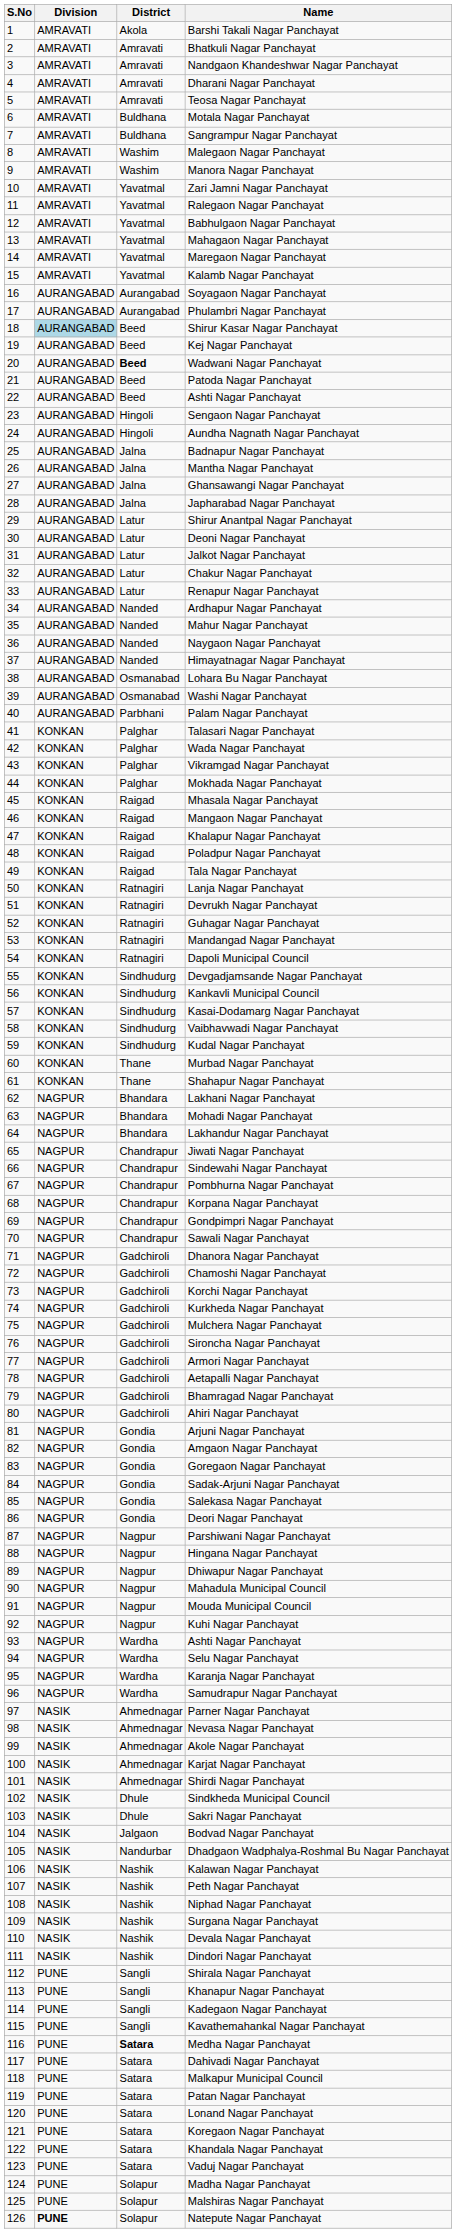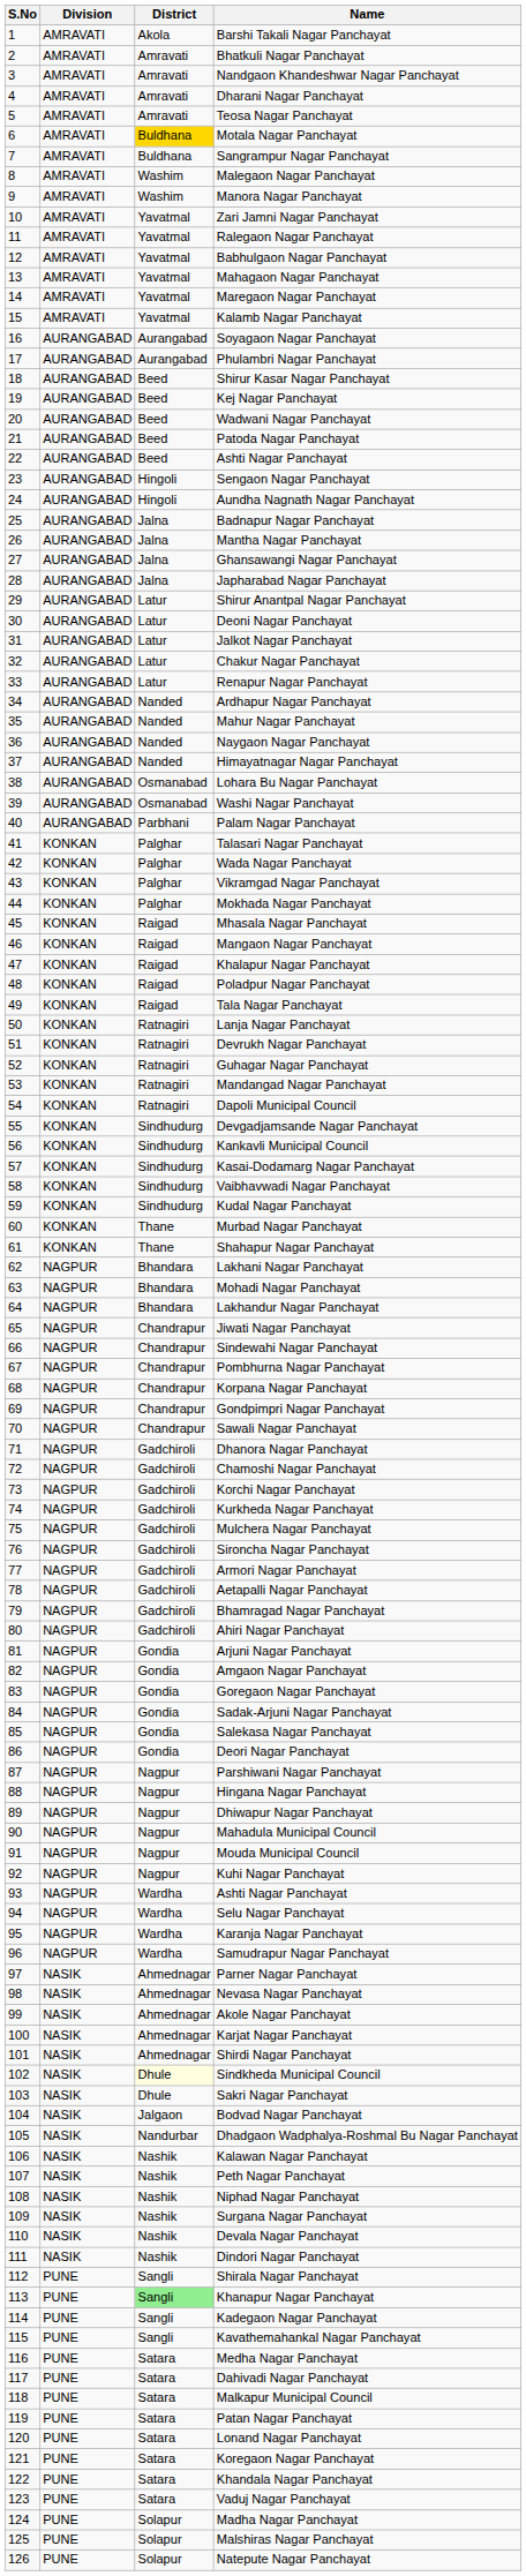 <table class="wikitable">
 <tr>
 <th>S.No</th>
 <th>Division</th>
 <th>District</th>
 <th>Name</th>
 </tr>
 <tr>
 <td>1</td>
 <td>AMRAVATI</td>
 <td>Akola</td>
 <td>Barshi Takali Nagar Panchayat</td>
 </tr>
 <tr>
 <td>2</td>
 <td>AMRAVATI</td>
 <td>Amravati</td>
 <td>Bhatkuli Nagar Panchayat</td>
 </tr>
 <tr>
 <td>3</td>
 <td>AMRAVATI</td>
 <td>Amravati</td>
 <td>Nandgaon Khandeshwar Nagar Panchayat</td>
 </tr>
 <tr>
 <td>4</td>
 <td>AMRAVATI</td>
 <td>Amravati</td>
 <td>Dharani Nagar Panchayat</td>
 </tr>
 <tr>
 <td>5</td>
 <td>AMRAVATI</td>
 <td>Amravati</td>
 <td>Teosa Nagar Panchayat</td>
 </tr>
 <tr>
 <td>6</td>
 <td>AMRAVATI</td>
-<td>Buldhana</td>
+<td style="background: gold;">Buldhana</td>
 <td>Motala Nagar Panchayat</td>
 </tr>
 <tr>
 <td>7</td>
 <td>AMRAVATI</td>
 <td>Buldhana</td>
 <td>Sangrampur Nagar Panchayat</td>
 </tr>
 <tr>
 <td>8</td>
 <td>AMRAVATI</td>
 <td>Washim</td>
 <td>Malegaon Nagar Panchayat</td>
 </tr>
 <tr>
 <td>9</td>
 <td>AMRAVATI</td>
 <td>Washim</td>
 <td>Manora Nagar Panchayat</td>
 </tr>
 <tr>
 <td>10</td>
 <td>AMRAVATI</td>
 <td>Yavatmal</td>
 <td>Zari Jamni Nagar Panchayat</td>
 </tr>
 <tr>
 <td>11</td>
 <td>AMRAVATI</td>
 <td>Yavatmal</td>
 <td>Ralegaon Nagar Panchayat</td>
 </tr>
 <tr>
 <td>12</td>
 <td>AMRAVATI</td>
 <td>Yavatmal</td>
 <td>Babhulgaon Nagar Panchayat</td>
 </tr>
 <tr>
 <td>13</td>
 <td>AMRAVATI</td>
 <td>Yavatmal</td>
 <td>Mahagaon Nagar Panchayat</td>
 </tr>
 <tr>
 <td>14</td>
 <td>AMRAVATI</td>
 <td>Yavatmal</td>
 <td>Maregaon Nagar Panchayat</td>
 </tr>
 <tr>
 <td>15</td>
 <td>AMRAVATI</td>
 <td>Yavatmal</td>
 <td>Kalamb Nagar Panchayat</td>
 </tr>
 <tr>
 <td>16</td>
 <td>AURANGABAD</td>
 <td>Aurangabad</td>
 <td>Soyagaon Nagar Panchayat</td>
 </tr>
 <tr>
 <td>17</td>
 <td>AURANGABAD</td>
 <td>Aurangabad</td>
 <td>Phulambri Nagar Panchayat</td>
 </tr>
 <tr>
 <td>18</td>
-<td style="background: lightblue;">AURANGABAD</td>
+<td>AURANGABAD</td>
 <td>Beed</td>
 <td>Shirur Kasar Nagar Panchayat</td>
 </tr>
 <tr>
 <td>19</td>
 <td>AURANGABAD</td>
 <td>Beed</td>
 <td>Kej Nagar Panchayat</td>
 </tr>
 <tr>
 <td>20</td>
 <td>AURANGABAD</td>
-<td><strong>Beed</strong></td>
+<td>Beed</td>
 <td>Wadwani Nagar Panchayat</td>
 </tr>
 <tr>
 <td>21</td>
 <td>AURANGABAD</td>
 <td>Beed</td>
 <td>Patoda Nagar Panchayat</td>
 </tr>
 <tr>
 <td>22</td>
 <td>AURANGABAD</td>
 <td>Beed</td>
 <td>Ashti Nagar Panchayat</td>
 </tr>
 <tr>
 <td>23</td>
 <td>AURANGABAD</td>
 <td>Hingoli</td>
 <td>Sengaon Nagar Panchayat</td>
 </tr>
 <tr>
 <td>24</td>
 <td>AURANGABAD</td>
 <td>Hingoli</td>
 <td>Aundha Nagnath Nagar Panchayat</td>
 </tr>
 <tr>
 <td>25</td>
 <td>AURANGABAD</td>
 <td>Jalna</td>
 <td>Badnapur Nagar Panchayat</td>
 </tr>
 <tr>
 <td>26</td>
 <td>AURANGABAD</td>
 <td>Jalna</td>
 <td>Mantha Nagar Panchayat</td>
 </tr>
 <tr>
 <td>27</td>
 <td>AURANGABAD</td>
 <td>Jalna</td>
 <td>Ghansawangi Nagar Panchayat</td>
 </tr>
 <tr>
 <td>28</td>
 <td>AURANGABAD</td>
 <td>Jalna</td>
 <td>Japharabad Nagar Panchayat</td>
 </tr>
 <tr>
 <td>29</td>
 <td>AURANGABAD</td>
 <td>Latur</td>
 <td>Shirur Anantpal Nagar Panchayat</td>
 </tr>
 <tr>
 <td>30</td>
 <td>AURANGABAD</td>
 <td>Latur</td>
 <td>Deoni Nagar Panchayat</td>
 </tr>
 <tr>
 <td>31</td>
 <td>AURANGABAD</td>
 <td>Latur</td>
 <td>Jalkot Nagar Panchayat</td>
 </tr>
 <tr>
 <td>32</td>
 <td>AURANGABAD</td>
 <td>Latur</td>
 <td>Chakur Nagar Panchayat</td>
 </tr>
 <tr>
 <td>33</td>
 <td>AURANGABAD</td>
 <td>Latur</td>
 <td>Renapur Nagar Panchayat</td>
 </tr>
 <tr>
 <td>34</td>
 <td>AURANGABAD</td>
 <td>Nanded</td>
 <td>Ardhapur Nagar Panchayat</td>
 </tr>
 <tr>
 <td>35</td>
 <td>AURANGABAD</td>
 <td>Nanded</td>
 <td>Mahur Nagar Panchayat</td>
 </tr>
 <tr>
 <td>36</td>
 <td>AURANGABAD</td>
 <td>Nanded</td>
 <td>Naygaon Nagar Panchayat</td>
 </tr>
 <tr>
 <td>37</td>
 <td>AURANGABAD</td>
 <td>Nanded</td>
 <td>Himayatnagar Nagar Panchayat</td>
 </tr>
 <tr>
 <td>38</td>
 <td>AURANGABAD</td>
 <td>Osmanabad</td>
 <td>Lohara Bu Nagar Panchayat</td>
 </tr>
 <tr>
 <td>39</td>
 <td>AURANGABAD</td>
 <td>Osmanabad</td>
 <td>Washi Nagar Panchayat</td>
 </tr>
 <tr>
 <td>40</td>
 <td>AURANGABAD</td>
 <td>Parbhani</td>
 <td>Palam Nagar Panchayat</td>
 </tr>
 <tr>
 <td>41</td>
 <td>KONKAN</td>
 <td>Palghar</td>
 <td>Talasari Nagar Panchayat</td>
 </tr>
 <tr>
 <td>42</td>
 <td>KONKAN</td>
 <td>Palghar</td>
 <td>Wada Nagar Panchayat</td>
 </tr>
 <tr>
 <td>43</td>
 <td>KONKAN</td>
 <td>Palghar</td>
 <td>Vikramgad Nagar Panchayat</td>
 </tr>
 <tr>
 <td>44</td>
 <td>KONKAN</td>
 <td>Palghar</td>
 <td>Mokhada Nagar Panchayat</td>
 </tr>
 <tr>
 <td>45</td>
 <td>KONKAN</td>
 <td>Raigad</td>
 <td>Mhasala Nagar Panchayat</td>
 </tr>
 <tr>
 <td>46</td>
 <td>KONKAN</td>
 <td>Raigad</td>
 <td>Mangaon Nagar Panchayat</td>
 </tr>
 <tr>
 <td>47</td>
 <td>KONKAN</td>
 <td>Raigad</td>
 <td>Khalapur Nagar Panchayat</td>
 </tr>
 <tr>
 <td>48</td>
 <td>KONKAN</td>
 <td>Raigad</td>
 <td>Poladpur Nagar Panchayat</td>
 </tr>
 <tr>
 <td>49</td>
 <td>KONKAN</td>
 <td>Raigad</td>
 <td>Tala Nagar Panchayat</td>
 </tr>
 <tr>
 <td>50</td>
 <td>KONKAN</td>
 <td>Ratnagiri</td>
 <td>Lanja Nagar Panchayat</td>
 </tr>
 <tr>
 <td>51</td>
 <td>KONKAN</td>
 <td>Ratnagiri</td>
 <td>Devrukh Nagar Panchayat</td>
 </tr>
 <tr>
 <td>52</td>
 <td>KONKAN</td>
 <td>Ratnagiri</td>
 <td>Guhagar Nagar Panchayat</td>
 </tr>
 <tr>
 <td>53</td>
 <td>KONKAN</td>
 <td>Ratnagiri</td>
 <td>Mandangad Nagar Panchayat</td>
 </tr>
 <tr>
 <td>54</td>
 <td>KONKAN</td>
 <td>Ratnagiri</td>
 <td>Dapoli Municipal Council</td>
 </tr>
 <tr>
 <td>55</td>
 <td>KONKAN</td>
 <td>Sindhudurg</td>
 <td>Devgadjamsande Nagar Panchayat</td>
 </tr>
 <tr>
 <td>56</td>
 <td>KONKAN</td>
 <td>Sindhudurg</td>
 <td>Kankavli Municipal Council</td>
 </tr>
 <tr>
 <td>57</td>
 <td>KONKAN</td>
 <td>Sindhudurg</td>
 <td>Kasai-Dodamarg Nagar Panchayat</td>
 </tr>
 <tr>
 <td>58</td>
 <td>KONKAN</td>
 <td>Sindhudurg</td>
 <td>Vaibhavwadi Nagar Panchayat</td>
 </tr>
 <tr>
 <td>59</td>
 <td>KONKAN</td>
 <td>Sindhudurg</td>
 <td>Kudal Nagar Panchayat</td>
 </tr>
 <tr>
 <td>60</td>
 <td>KONKAN</td>
 <td>Thane</td>
 <td>Murbad Nagar Panchayat</td>
 </tr>
 <tr>
 <td>61</td>
 <td>KONKAN</td>
 <td>Thane</td>
 <td>Shahapur Nagar Panchayat</td>
 </tr>
 <tr>
 <td>62</td>
 <td>NAGPUR</td>
 <td>Bhandara</td>
 <td>Lakhani Nagar Panchayat</td>
 </tr>
 <tr>
 <td>63</td>
 <td>NAGPUR</td>
 <td>Bhandara</td>
 <td>Mohadi Nagar Panchayat</td>
 </tr>
 <tr>
 <td>64</td>
 <td>NAGPUR</td>
 <td>Bhandara</td>
 <td>Lakhandur Nagar Panchayat</td>
 </tr>
 <tr>
 <td>65</td>
 <td>NAGPUR</td>
 <td>Chandrapur</td>
 <td>Jiwati Nagar Panchayat</td>
 </tr>
 <tr>
 <td>66</td>
 <td>NAGPUR</td>
 <td>Chandrapur</td>
 <td>Sindewahi Nagar Panchayat</td>
 </tr>
 <tr>
 <td>67</td>
 <td>NAGPUR</td>
 <td>Chandrapur</td>
 <td>Pombhurna Nagar Panchayat</td>
 </tr>
 <tr>
 <td>68</td>
 <td>NAGPUR</td>
 <td>Chandrapur</td>
 <td>Korpana Nagar Panchayat</td>
 </tr>
 <tr>
 <td>69</td>
 <td>NAGPUR</td>
 <td>Chandrapur</td>
 <td>Gondpimpri Nagar Panchayat</td>
 </tr>
 <tr>
 <td>70</td>
 <td>NAGPUR</td>
 <td>Chandrapur</td>
 <td>Sawali Nagar Panchayat</td>
 </tr>
 <tr>
 <td>71</td>
 <td>NAGPUR</td>
 <td>Gadchiroli</td>
 <td>Dhanora Nagar Panchayat</td>
 </tr>
 <tr>
 <td>72</td>
 <td>NAGPUR</td>
 <td>Gadchiroli</td>
 <td>Chamoshi Nagar Panchayat</td>
 </tr>
 <tr>
 <td>73</td>
 <td>NAGPUR</td>
 <td>Gadchiroli</td>
 <td>Korchi Nagar Panchayat</td>
 </tr>
 <tr>
 <td>74</td>
 <td>NAGPUR</td>
 <td>Gadchiroli</td>
 <td>Kurkheda Nagar Panchayat</td>
 </tr>
 <tr>
 <td>75</td>
 <td>NAGPUR</td>
 <td>Gadchiroli</td>
 <td>Mulchera Nagar Panchayat</td>
 </tr>
 <tr>
 <td>76</td>
 <td>NAGPUR</td>
 <td>Gadchiroli</td>
 <td>Sironcha Nagar Panchayat</td>
 </tr>
 <tr>
 <td>77</td>
 <td>NAGPUR</td>
 <td>Gadchiroli</td>
 <td>Armori Nagar Panchayat</td>
 </tr>
 <tr>
 <td>78</td>
 <td>NAGPUR</td>
 <td>Gadchiroli</td>
 <td>Aetapalli Nagar Panchayat</td>
 </tr>
 <tr>
 <td>79</td>
 <td>NAGPUR</td>
 <td>Gadchiroli</td>
 <td>Bhamragad Nagar Panchayat</td>
 </tr>
 <tr>
 <td>80</td>
 <td>NAGPUR</td>
 <td>Gadchiroli</td>
 <td>Ahiri Nagar Panchayat</td>
 </tr>
 <tr>
 <td>81</td>
 <td>NAGPUR</td>
 <td>Gondia</td>
 <td>Arjuni Nagar Panchayat</td>
 </tr>
 <tr>
 <td>82</td>
 <td>NAGPUR</td>
 <td>Gondia</td>
 <td>Amgaon Nagar Panchayat</td>
 </tr>
 <tr>
 <td>83</td>
 <td>NAGPUR</td>
 <td>Gondia</td>
 <td>Goregaon Nagar Panchayat</td>
 </tr>
 <tr>
 <td>84</td>
 <td>NAGPUR</td>
 <td>Gondia</td>
 <td>Sadak-Arjuni Nagar Panchayat</td>
 </tr>
 <tr>
 <td>85</td>
 <td>NAGPUR</td>
 <td>Gondia</td>
 <td>Salekasa Nagar Panchayat</td>
 </tr>
 <tr>
 <td>86</td>
 <td>NAGPUR</td>
 <td>Gondia</td>
 <td>Deori Nagar Panchayat</td>
 </tr>
 <tr>
 <td>87</td>
 <td>NAGPUR</td>
 <td>Nagpur</td>
 <td>Parshiwani Nagar Panchayat</td>
 </tr>
 <tr>
 <td>88</td>
 <td>NAGPUR</td>
 <td>Nagpur</td>
 <td>Hingana Nagar Panchayat</td>
 </tr>
 <tr>
 <td>89</td>
 <td>NAGPUR</td>
 <td>Nagpur</td>
 <td>Dhiwapur Nagar Panchayat</td>
 </tr>
 <tr>
 <td>90</td>
 <td>NAGPUR</td>
 <td>Nagpur</td>
 <td>Mahadula Municipal Council</td>
 </tr>
 <tr>
 <td>91</td>
 <td>NAGPUR</td>
 <td>Nagpur</td>
 <td>Mouda Municipal Council</td>
 </tr>
 <tr>
 <td>92</td>
 <td>NAGPUR</td>
 <td>Nagpur</td>
 <td>Kuhi Nagar Panchayat</td>
 </tr>
 <tr>
 <td>93</td>
 <td>NAGPUR</td>
 <td>Wardha</td>
 <td>Ashti Nagar Panchayat</td>
 </tr>
 <tr>
 <td>94</td>
 <td>NAGPUR</td>
 <td>Wardha</td>
 <td>Selu Nagar Panchayat</td>
 </tr>
 <tr>
 <td>95</td>
 <td>NAGPUR</td>
 <td>Wardha</td>
 <td>Karanja Nagar Panchayat</td>
 </tr>
 <tr>
 <td>96</td>
 <td>NAGPUR</td>
 <td>Wardha</td>
 <td>Samudrapur Nagar Panchayat</td>
 </tr>
 <tr>
 <td>97</td>
 <td>NASIK</td>
 <td>Ahmednagar</td>
 <td>Parner Nagar Panchayat</td>
 </tr>
 <tr>
 <td>98</td>
 <td>NASIK</td>
 <td>Ahmednagar</td>
 <td>Nevasa Nagar Panchayat</td>
 </tr>
 <tr>
 <td>99</td>
 <td>NASIK</td>
 <td>Ahmednagar</td>
 <td>Akole Nagar Panchayat</td>
 </tr>
 <tr>
 <td>100</td>
 <td>NASIK</td>
 <td>Ahmednagar</td>
 <td>Karjat Nagar Panchayat</td>
 </tr>
 <tr>
 <td>101</td>
 <td>NASIK</td>
 <td>Ahmednagar</td>
 <td>Shirdi Nagar Panchayat</td>
 </tr>
 <tr>
 <td>102</td>
 <td>NASIK</td>
-<td>Dhule</td>
+<td style="background: lightyellow;">Dhule</td>
 <td>Sindkheda Municipal Council</td>
 </tr>
 <tr>
 <td>103</td>
 <td>NASIK</td>
 <td>Dhule</td>
 <td>Sakri Nagar Panchayat</td>
 </tr>
 <tr>
 <td>104</td>
 <td>NASIK</td>
 <td>Jalgaon</td>
 <td>Bodvad Nagar Panchayat</td>
 </tr>
 <tr>
 <td>105</td>
 <td>NASIK</td>
 <td>Nandurbar</td>
 <td>Dhadgaon Wadphalya-Roshmal Bu Nagar Panchayat</td>
 </tr>
 <tr>
 <td>106</td>
 <td>NASIK</td>
 <td>Nashik</td>
 <td>Kalawan Nagar Panchayat</td>
 </tr>
 <tr>
 <td>107</td>
 <td>NASIK</td>
 <td>Nashik</td>
 <td>Peth Nagar Panchayat</td>
 </tr>
 <tr>
 <td>108</td>
 <td>NASIK</td>
 <td>Nashik</td>
 <td>Niphad Nagar Panchayat</td>
 </tr>
 <tr>
 <td>109</td>
 <td>NASIK</td>
 <td>Nashik</td>
 <td>Surgana Nagar Panchayat</td>
 </tr>
 <tr>
 <td>110</td>
 <td>NASIK</td>
 <td>Nashik</td>
 <td>Devala Nagar Panchayat</td>
 </tr>
 <tr>
 <td>111</td>
 <td>NASIK</td>
 <td>Nashik</td>
 <td>Dindori Nagar Panchayat</td>
 </tr>
 <tr>
 <td>112</td>
 <td>PUNE</td>
 <td>Sangli</td>
 <td>Shirala Nagar Panchayat</td>
 </tr>
 <tr>
 <td>113</td>
 <td>PUNE</td>
-<td>Sangli</td>
+<td style="background: lightgreen;">Sangli</td>
 <td>Khanapur Nagar Panchayat</td>
 </tr>
 <tr>
 <td>114</td>
 <td>PUNE</td>
 <td>Sangli</td>
 <td>Kadegaon Nagar Panchayat</td>
 </tr>
 <tr>
 <td>115</td>
 <td>PUNE</td>
 <td>Sangli</td>
 <td>Kavathemahankal Nagar Panchayat</td>
 </tr>
 <tr>
 <td>116</td>
 <td>PUNE</td>
-<td><strong>Satara</strong></td>
+<td>Satara</td>
 <td>Medha Nagar Panchayat</td>
 </tr>
 <tr>
 <td>117</td>
 <td>PUNE</td>
 <td>Satara</td>
 <td>Dahivadi Nagar Panchayat</td>
 </tr>
 <tr>
 <td>118</td>
 <td>PUNE</td>
 <td>Satara</td>
 <td>Malkapur Municipal Council</td>
 </tr>
 <tr>
 <td>119</td>
 <td>PUNE</td>
 <td>Satara</td>
 <td>Patan Nagar Panchayat</td>
 </tr>
 <tr>
 <td>120</td>
 <td>PUNE</td>
 <td>Satara</td>
 <td>Lonand Nagar Panchayat</td>
 </tr>
 <tr>
 <td>121</td>
 <td>PUNE</td>
 <td>Satara</td>
 <td>Koregaon Nagar Panchayat</td>
 </tr>
 <tr>
 <td>122</td>
 <td>PUNE</td>
 <td>Satara</td>
 <td>Khandala Nagar Panchayat</td>
 </tr>
 <tr>
 <td>123</td>
 <td>PUNE</td>
 <td>Satara</td>
 <td>Vaduj Nagar Panchayat</td>
 </tr>
 <tr>
 <td>124</td>
 <td>PUNE</td>
 <td>Solapur</td>
 <td>Madha Nagar Panchayat</td>
 </tr>
 <tr>
 <td>125</td>
 <td>PUNE</td>
 <td>Solapur</td>
 <td>Malshiras Nagar Panchayat</td>
 </tr>
 <tr>
 <td>126</td>
-<td><strong>PUNE</strong></td>
+<td>PUNE</td>
 <td>Solapur</td>
 <td>Natepute Nagar Panchayat</td>
 </tr>
 </table>
